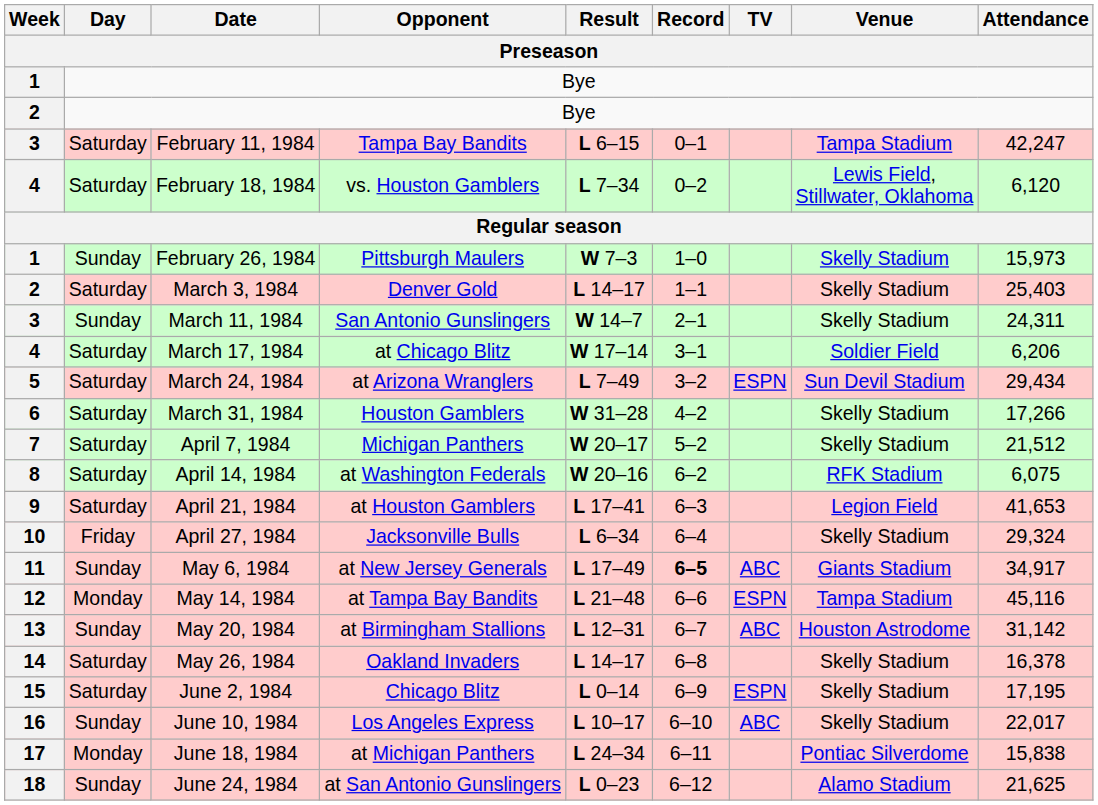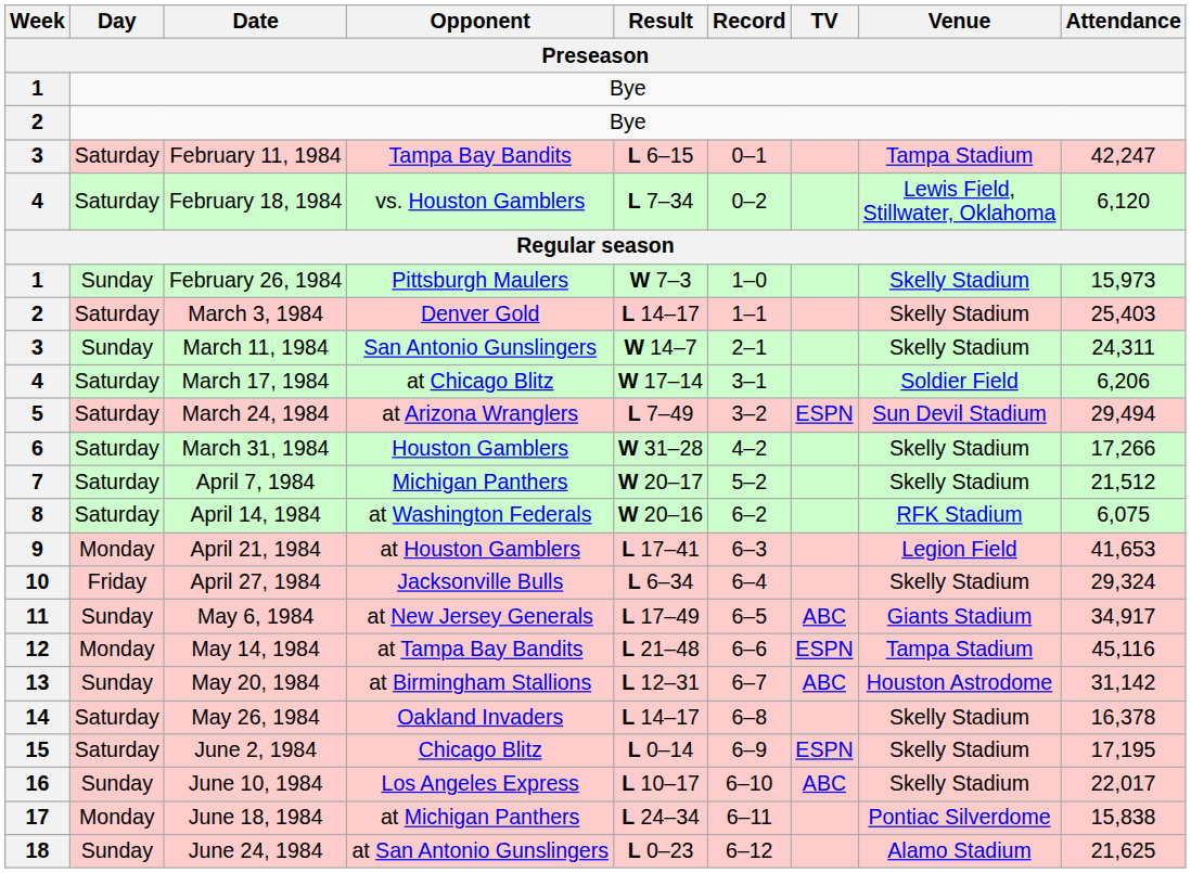 <table class="wikitable" style="text-align:center">
 <tr>
 <th>Week</th>
 <th>Day</th>
 <th>Date</th>
 <th>Opponent</th>
 <th>Result</th>
 <th>Record</th>
 <th>TV</th>
 <th>Venue</th>
 <th>Attendance</th>
 </tr>
 <tr>
 <th colspan="9">Preseason</th>
 </tr>
 <tr>
 <th>1</th>
 <td colspan=8>Bye</td>
 </tr>
 <tr>
 <th>2</th>
 <td colspan=8>Bye</td>
 </tr>
 <tr style="background:#fcc">
 <th>3</th>
 <td>Saturday</td>
 <td>February 11, 1984</td>
 <td><a href='#'>Tampa Bay Bandits</a></td>
 <td><strong>L</strong> 6–15</td>
 <td>0–1</td>
 <td></td>
 <td><a href='#'>Tampa Stadium</a></td>
 <td>42,247</td>
 </tr>
 <tr style="background:#cfc">
 <th>4</th>
 <td>Saturday</td>
 <td>February 18, 1984</td>
 <td>vs. <a href='#'>Houston Gamblers</a></td>
 <td><strong>L</strong> 7–34</td>
 <td>0–2</td>
 <td></td>
 <td><a href='#'>Lewis Field</a>,<br><a href='#'>Stillwater, Oklahoma</a></td>
 <td>6,120</td>
 </tr>
 <tr>
 <th colspan="9">Regular season</th>
 </tr>
 <tr style="background:#cfc">
 <th>1</th>
 <td>Sunday</td>
 <td>February 26, 1984</td>
 <td><a href='#'>Pittsburgh Maulers</a></td>
 <td><strong>W</strong> 7–3</td>
 <td>1–0</td>
 <td></td>
 <td><a href='#'>Skelly Stadium</a></td>
 <td>15,973</td>
 </tr>
 <tr style="background:#fcc">
 <th>2</th>
 <td>Saturday</td>
 <td>March 3, 1984</td>
 <td><a href='#'>Denver Gold</a></td>
 <td><strong>L</strong> 14–17 </td>
 <td>1–1</td>
 <td></td>
 <td>Skelly Stadium</td>
 <td>25,403</td>
 </tr>
 <tr style="background:#cfc">
 <th>3</th>
 <td>Sunday</td>
 <td>March 11, 1984</td>
 <td><a href='#'>San Antonio Gunslingers</a></td>
 <td><strong>W</strong> 14–7</td>
 <td>2–1</td>
 <td></td>
 <td>Skelly Stadium</td>
 <td>24,311</td>
 </tr>
 <tr style="background:#cfc">
 <th>4</th>
 <td>Saturday</td>
 <td>March 17, 1984</td>
 <td>at <a href='#'>Chicago Blitz</a></td>
 <td><strong>W</strong> 17–14</td>
 <td>3–1</td>
 <td></td>
 <td><a href='#'>Soldier Field</a></td>
 <td>6,206</td>
 </tr>
 <tr style="background:#fcc">
 <th>5</th>
 <td>Saturday</td>
 <td>March 24, 1984</td>
 <td>at <a href='#'>Arizona Wranglers</a></td>
 <td><strong>L</strong> 7–49</td>
 <td>3–2</td>
 <td><a href='#'>ESPN</a></td>
 <td><a href='#'>Sun Devil Stadium</a></td>
-<td>29,434</td>
+<td>29,494</td>
 </tr>
 <tr style="background:#cfc">
 <th>6</th>
 <td>Saturday</td>
 <td>March 31, 1984</td>
 <td><a href='#'>Houston Gamblers</a></td>
 <td><strong>W</strong> 31–28 </td>
 <td>4–2</td>
 <td></td>
 <td>Skelly Stadium</td>
 <td>17,266</td>
 </tr>
 <tr style="background:#cfc">
 <th>7</th>
 <td>Saturday</td>
 <td>April 7, 1984</td>
 <td><a href='#'>Michigan Panthers</a></td>
 <td><strong>W</strong> 20–17</td>
 <td>5–2</td>
 <td></td>
 <td>Skelly Stadium</td>
 <td>21,512</td>
 </tr>
 <tr style="background:#cfc">
 <th>8</th>
 <td>Saturday</td>
 <td>April 14, 1984</td>
 <td>at <a href='#'>Washington Federals</a></td>
 <td><strong>W</strong> 20–16</td>
 <td>6–2</td>
 <td></td>
 <td><a href='#'>RFK Stadium</a></td>
 <td>6,075</td>
 </tr>
 <tr style="background:#fcc">
 <th>9</th>
-<td>Saturday</td>
+<td>Monday</td>
 <td>April 21, 1984</td>
 <td>at <a href='#'>Houston Gamblers</a></td>
 <td><strong>L</strong> 17–41</td>
 <td>6–3</td>
 <td></td>
 <td><a href='#'>Legion Field</a></td>
 <td>41,653</td>
 </tr>
 <tr style="background:#fcc">
 <th>10</th>
 <td>Friday</td>
 <td>April 27, 1984</td>
 <td><a href='#'>Jacksonville Bulls</a></td>
 <td><strong>L</strong> 6–34</td>
 <td>6–4</td>
 <td></td>
 <td>Skelly Stadium</td>
 <td>29,324</td>
 </tr>
 <tr style="background:#fcc">
 <th>11</th>
 <td>Sunday</td>
 <td>May 6, 1984</td>
 <td>at <a href='#'>New Jersey Generals</a></td>
 <td><strong>L</strong> 17–49</td>
-<td><strong>6–5</strong></td>
+<td>6–5</td>
 <td><a href='#'>ABC</a></td>
 <td><a href='#'>Giants Stadium</a></td>
 <td>34,917</td>
 </tr>
 <tr style="background:#fcc">
 <th>12</th>
 <td>Monday</td>
 <td>May 14, 1984</td>
 <td>at <a href='#'>Tampa Bay Bandits</a></td>
 <td><strong>L</strong> 21–48</td>
 <td>6–6</td>
 <td><a href='#'>ESPN</a></td>
 <td><a href='#'>Tampa Stadium</a></td>
 <td>45,116</td>
 </tr>
 <tr style="background:#fcc">
 <th>13</th>
 <td>Sunday</td>
 <td>May 20, 1984</td>
 <td>at <a href='#'>Birmingham Stallions</a></td>
 <td><strong>L</strong> 12–31</td>
 <td>6–7</td>
 <td><a href='#'>ABC</a></td>
 <td><a href='#'>Houston Astrodome</a></td>
 <td>31,142</td>
 </tr>
 <tr style="background:#fcc">
 <th>14</th>
 <td>Saturday</td>
 <td>May 26, 1984</td>
 <td><a href='#'>Oakland Invaders</a></td>
 <td><strong>L</strong> 14–17</td>
 <td>6–8</td>
 <td></td>
 <td>Skelly Stadium</td>
 <td>16,378</td>
 </tr>
 <tr style="background:#fcc">
 <th>15</th>
 <td>Saturday</td>
 <td>June 2, 1984</td>
 <td><a href='#'>Chicago Blitz</a></td>
 <td><strong>L</strong> 0–14</td>
 <td>6–9</td>
 <td><a href='#'>ESPN</a></td>
 <td>Skelly Stadium</td>
 <td>17,195</td>
 </tr>
 <tr style="background:#fcc">
 <th>16</th>
 <td>Sunday</td>
 <td>June 10, 1984</td>
 <td><a href='#'>Los Angeles Express</a></td>
 <td><strong>L</strong> 10–17</td>
 <td>6–10</td>
 <td><a href='#'>ABC</a></td>
 <td>Skelly Stadium</td>
 <td>22,017</td>
 </tr>
 <tr style="background:#fcc">
 <th>17</th>
 <td>Monday</td>
 <td>June 18, 1984</td>
 <td>at <a href='#'>Michigan Panthers</a></td>
 <td><strong>L</strong> 24–34</td>
 <td>6–11</td>
 <td></td>
 <td><a href='#'>Pontiac Silverdome</a></td>
 <td>15,838</td>
 </tr>
 <tr style="background:#fcc">
 <th>18</th>
 <td>Sunday</td>
 <td>June 24, 1984</td>
 <td>at <a href='#'>San Antonio Gunslingers</a></td>
 <td><strong>L</strong> 0–23</td>
 <td>6–12</td>
 <td></td>
 <td><a href='#'>Alamo Stadium</a></td>
 <td>21,625</td>
 </tr>
 </table>
